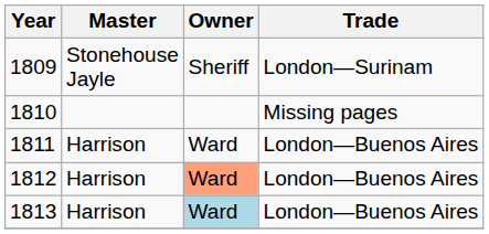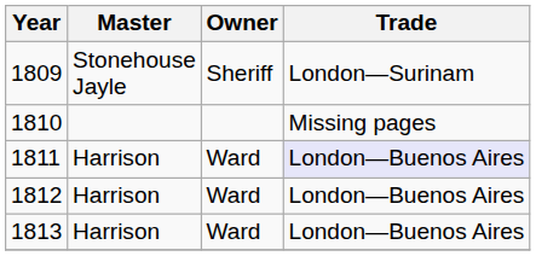 <table class="sortable wikitable">
 <tr>
 <th>Year</th>
 <th>Master</th>
 <th>Owner</th>
 <th>Trade</th>
 </tr>
 <tr>
 <td>1809</td>
 <td>Stonehouse<br>Jayle</td>
 <td>Sheriff</td>
 <td>London—Surinam</td>
 </tr>
 <tr>
 <td>1810</td>
 <td></td>
 <td></td>
 <td>Missing pages</td>
 </tr>
 <tr>
 <td>1811</td>
 <td>Harrison</td>
 <td>Ward</td>
-<td>London—Buenos Aires</td>
+<td style="background: lavender;">London—Buenos Aires</td>
 </tr>
 <tr>
 <td>1812</td>
 <td>Harrison</td>
-<td style="background: lightsalmon;">Ward</td>
+<td>Ward</td>
 <td>London—Buenos Aires</td>
 </tr>
 <tr>
 <td>1813</td>
 <td>Harrison</td>
-<td style="background: lightblue;">Ward</td>
+<td>Ward</td>
 <td>London—Buenos Aires</td>
 </tr>
 <tr>
 </tr>
 </table>
